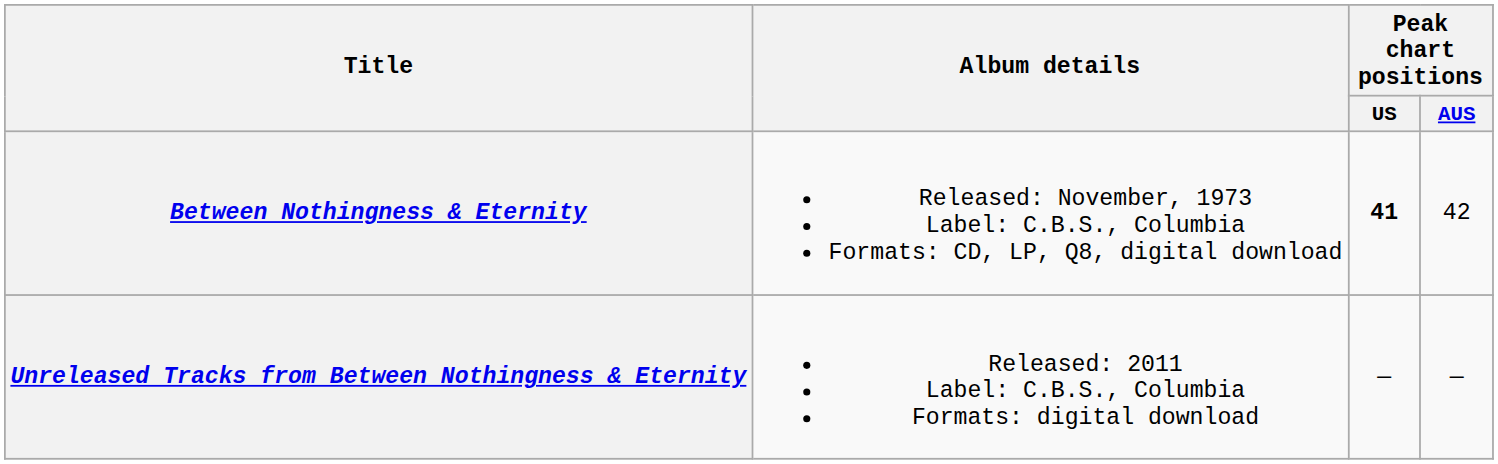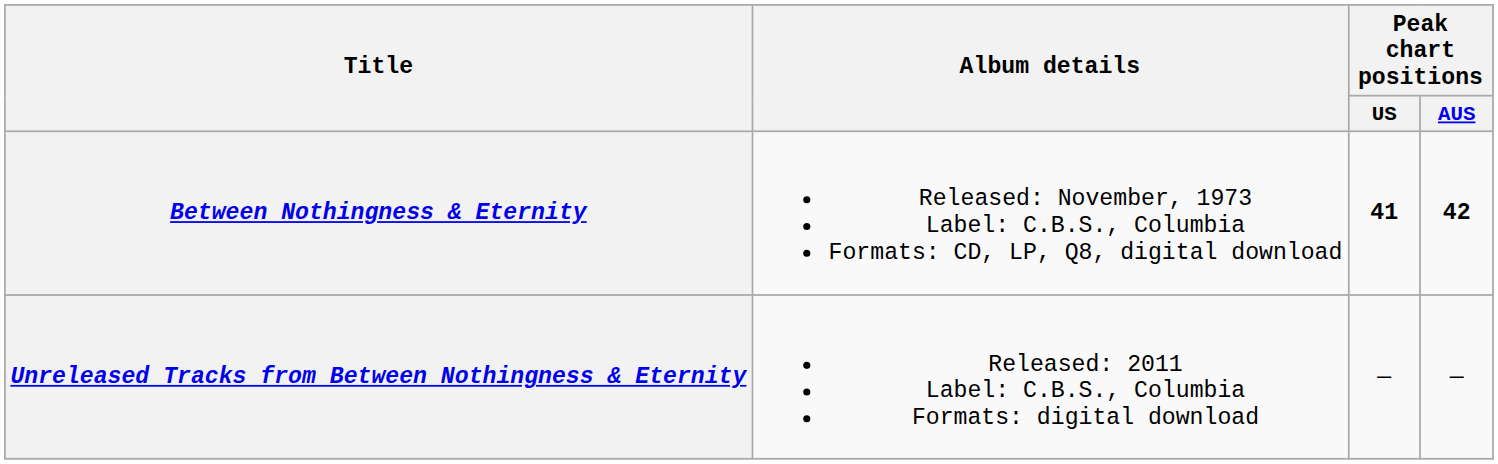 <table class="wikitable plainrowheaders" style="text-align:center;">
 <tr>
 <th scope="col" rowspan="2">Title</th>
 <th scope="col" rowspan="2">Album details</th>
 <th scope="col" colspan="6">Peak chart positions</th>
 </tr>
 <tr>
 <th scope="col" style="width:3em;font-size:90%;">US<br></th>
 <th scope="col" style="width:3em;font-size:90%;"><a href='#'>AUS</a></th>
 </tr>
 <tr>
 <th scope="row"><em><a href='#'>Between Nothingness & Eternity</a></em></th>
 <td><br><ul><li>Released: November, 1973</li><li>Label: C.B.S., Columbia</li><li>Formats: CD, LP, Q8, digital download</li></ul></td>
 <td><strong>41</strong></td>
-<td>42</td>
+<td><strong>42</strong></td>
 </tr>
 <tr>
 <th scope="row"><em><a href='#'>Unreleased Tracks from Between Nothingness & Eternity</a></em></th>
 <td><br><ul><li>Released: 2011</li><li>Label: C.B.S., Columbia</li><li>Formats: digital download</li></ul></td>
 <td>—</td>
 <td>—</td>
 </tr>
 </table>
